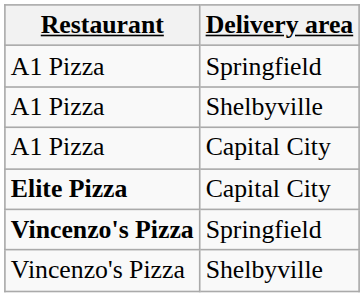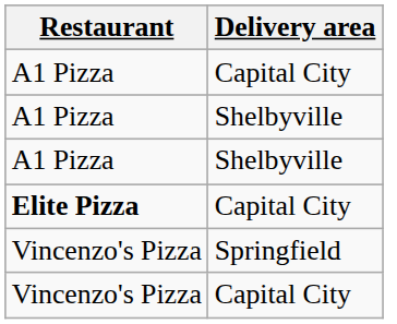 <table class="wikitable" style="margin: 10px; float:left;">
 <tr>
 <th><u>Restaurant</u></th>
 <th><u>Delivery area</u></th>
 </tr>
 <tr>
 <td>A1 Pizza</td>
-<td>Springfield</td>
+<td>Capital City</td>
 </tr>
 <tr>
 <td>A1 Pizza</td>
 <td>Shelbyville</td>
 </tr>
 <tr>
 <td>A1 Pizza</td>
-<td>Capital City</td>
+<td>Shelbyville</td>
 </tr>
 <tr>
 <td><strong>Elite Pizza</strong></td>
 <td>Capital City</td>
 </tr>
 <tr>
-<td><strong>Vincenzo's Pizza</strong></td>
+<td>Vincenzo's Pizza</td>
 <td>Springfield</td>
 </tr>
 <tr>
 <td>Vincenzo's Pizza</td>
-<td>Shelbyville</td>
+<td>Capital City</td>
 </tr>
 </table>
